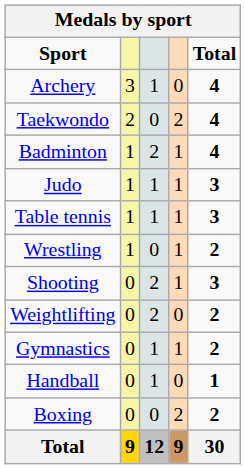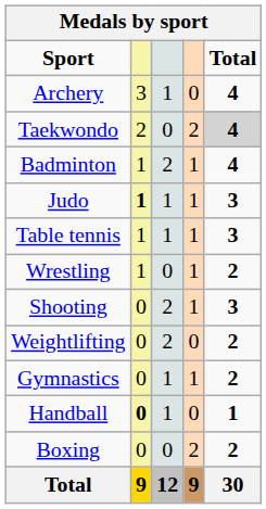 <table class="wikitable" style="font-size:85%; float: right;">
 <tr style="background:#efefef;">
 <th colspan=5>Medals by sport</th>
 </tr>
 <tr align=center>
 <td><strong>Sport</strong></td>
 <td bgcolor=#f7f6a8></td>
 <td bgcolor=#dce5e5></td>
 <td bgcolor=#ffdab9></td>
 <td><strong>Total</strong></td>
 </tr>
 <tr align=center>
 <td><a href='#'>Archery</a></td>
 <td style="background:#F7F6A8;">3</td>
 <td style="background:#DCE5E5;">1</td>
 <td style="background:#FFDAB9;">0</td>
 <td><strong>4</strong></td>
 </tr>
 <tr align=center>
 <td><a href='#'>Taekwondo</a></td>
 <td style="background:#F7F6A8;">2</td>
 <td style="background:#DCE5E5;">0</td>
 <td style="background:#FFDAB9;">2</td>
-<td><strong>4</strong></td>
+<td style="background: lightgrey;"><strong>4</strong></td>
 </tr>
 <tr align=center>
 <td><a href='#'>Badminton</a></td>
 <td style="background:#F7F6A8;">1</td>
 <td style="background:#DCE5E5;">2</td>
 <td style="background:#FFDAB9;">1</td>
 <td><strong>4</strong></td>
 </tr>
 <tr align=center>
 <td><a href='#'>Judo</a></td>
-<td style="background:#F7F6A8;">1</td>
+<td style="background:#F7F6A8;"><strong>1</strong></td>
 <td style="background:#DCE5E5;">1</td>
 <td style="background:#FFDAB9;">1</td>
 <td><strong>3</strong></td>
 </tr>
 <tr align=center>
 <td><a href='#'>Table tennis</a></td>
 <td style="background:#F7F6A8;">1</td>
 <td style="background:#DCE5E5;">1</td>
 <td style="background:#FFDAB9;">1</td>
 <td><strong>3</strong></td>
 </tr>
 <tr align=center>
 <td><a href='#'>Wrestling</a></td>
 <td style="background:#F7F6A8;">1</td>
 <td style="background:#DCE5E5;">0</td>
 <td style="background:#FFDAB9;">1</td>
 <td><strong>2</strong></td>
 </tr>
 <tr align=center>
 <td><a href='#'>Shooting</a></td>
 <td style="background:#F7F6A8;">0</td>
 <td style="background:#DCE5E5;">2</td>
 <td style="background:#FFDAB9;">1</td>
 <td><strong>3</strong></td>
 </tr>
 <tr align=center>
 <td><a href='#'>Weightlifting</a></td>
 <td style="background:#F7F6A8;">0</td>
 <td style="background:#DCE5E5;">2</td>
 <td style="background:#FFDAB9;">0</td>
 <td><strong>2</strong></td>
 </tr>
 <tr align=center>
 <td><a href='#'>Gymnastics</a></td>
 <td style="background:#F7F6A8;">0</td>
 <td style="background:#DCE5E5;">1</td>
 <td style="background:#FFDAB9;">1</td>
 <td><strong>2</strong></td>
 </tr>
 <tr align=center>
 <td><a href='#'>Handball</a></td>
-<td style="background:#F7F6A8;">0</td>
+<td style="background:#F7F6A8;"><strong>0</strong></td>
 <td style="background:#DCE5E5;">1</td>
 <td style="background:#FFDAB9;">0</td>
 <td><strong>1</strong></td>
 </tr>
 <tr align=center>
 <td><a href='#'>Boxing</a></td>
 <td style="background:#F7F6A8;">0</td>
 <td style="background:#DCE5E5;">0</td>
 <td style="background:#FFDAB9;">2</td>
 <td><strong>2</strong></td>
 </tr>
 <tr align=center>
 <th>Total</th>
 <th style="background:gold;">9</th>
 <th style="background:silver;">12</th>
 <th style="background:#c96;">9</th>
 <th>30</th>
 </tr>
 </table>
